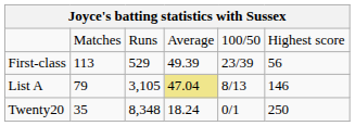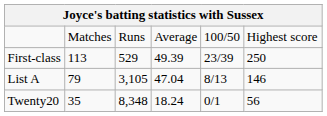 <table class="wikitable" style="float: left; margin: 0 auto; pad:.5em; width: 40%; font-size: 90%;" cellspacing="5">
 <tr>
 <th colspan="6"><strong>Joyce's batting statistics with Sussex</strong></th>
 </tr>
 <tr>
 <td> </td>
 <td>Matches</td>
 <td>Runs</td>
 <td>Average</td>
 <td>100/50</td>
 <td>Highest score</td>
 </tr>
 <tr>
 <td>First-class</td>
 <td>113</td>
 <td>529</td>
 <td>49.39</td>
 <td>23/39</td>
-<td>56</td>
+<td>250</td>
 </tr>
 <tr>
 <td>List A</td>
 <td>79</td>
 <td>3,105</td>
-<td style="background: khaki;">47.04</td>
+<td>47.04</td>
 <td>8/13</td>
 <td>146</td>
 </tr>
 <tr>
 <td>Twenty20</td>
 <td>35</td>
 <td>8,348</td>
 <td>18.24</td>
 <td>0/1</td>
-<td>250</td>
+<td>56</td>
 </tr>
 </table>
